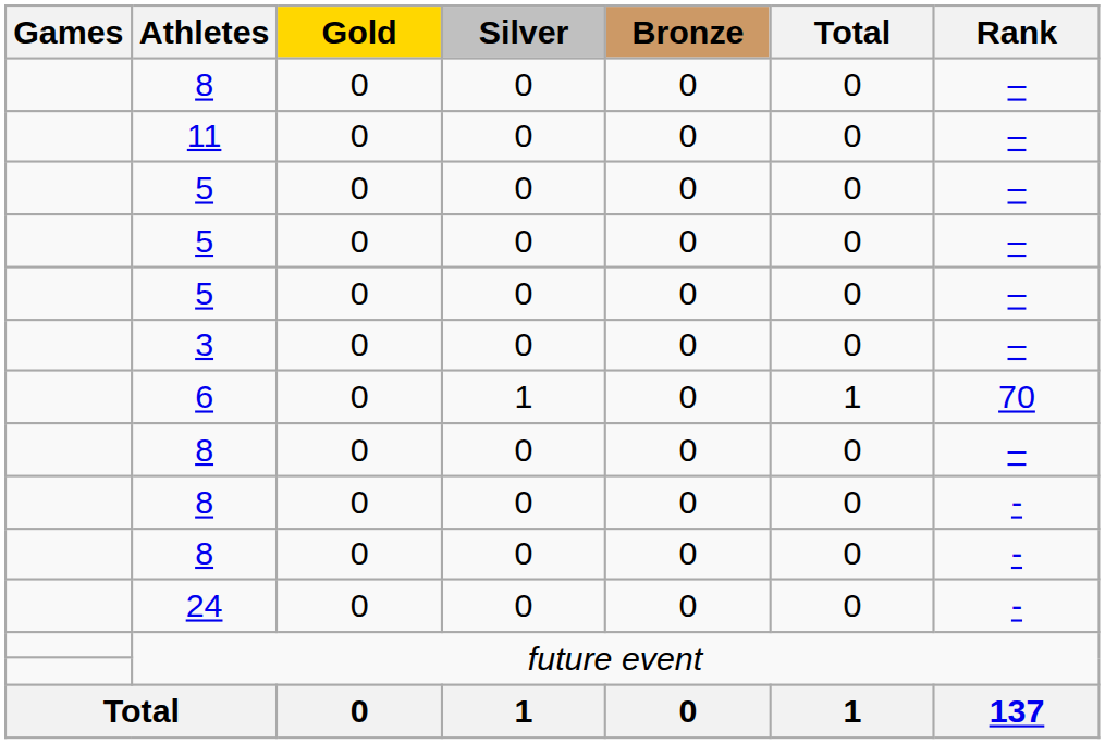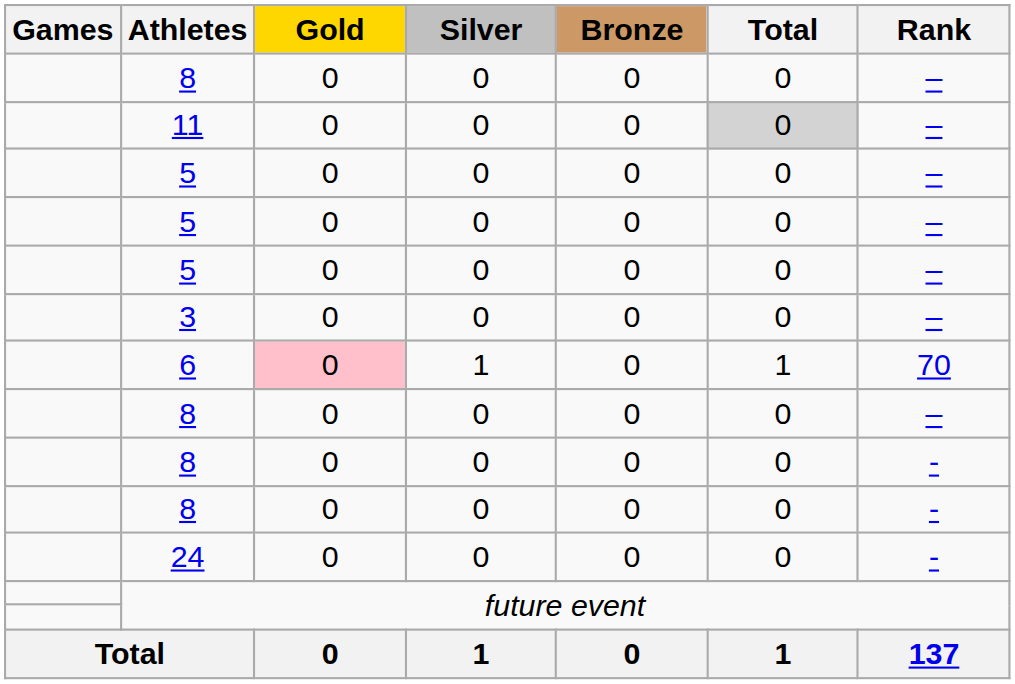 <table class="wikitable" style="text-align:center; font-size:90%;">
 <tr>
 <th>Games</th>
 <th>Athletes</th>
 <td style="background:gold; width:4.5em; font-weight:bold;">Gold</td>
 <td style="background:silver; width:4.5em; font-weight:bold;">Silver</td>
 <td style="background:#cc9966; width:4.5em; font-weight:bold;">Bronze</td>
 <th style="width:4.5em; font-weight:bold;">Total</th>
 <th style="width:4.5em; font-weight:bold;">Rank</th>
 </tr>
 <tr>
 <td align=left></td>
 <td><a href='#'>8</a></td>
 <td>0</td>
 <td>0</td>
 <td>0</td>
 <td>0</td>
 <td><a href='#'>–</a></td>
 </tr>
 <tr>
 <td align=left></td>
 <td><a href='#'>11</a></td>
 <td>0</td>
 <td>0</td>
 <td>0</td>
-<td>0</td>
+<td style="background: lightgrey;">0</td>
 <td><a href='#'>–</a></td>
 </tr>
 <tr>
 <td align=left></td>
 <td><a href='#'>5</a></td>
 <td>0</td>
 <td>0</td>
 <td>0</td>
 <td>0</td>
 <td><a href='#'>–</a></td>
 </tr>
 <tr>
 <td align=left></td>
 <td><a href='#'>5</a></td>
 <td>0</td>
 <td>0</td>
 <td>0</td>
 <td>0</td>
 <td><a href='#'>–</a></td>
 </tr>
 <tr>
 <td align=left></td>
 <td><a href='#'>5</a></td>
 <td>0</td>
 <td>0</td>
 <td>0</td>
 <td>0</td>
 <td><a href='#'>–</a></td>
 </tr>
 <tr>
 <td align=left></td>
 <td><a href='#'>3</a></td>
 <td>0</td>
 <td>0</td>
 <td>0</td>
 <td>0</td>
 <td><a href='#'>–</a></td>
 </tr>
 <tr>
 <td align=left></td>
 <td><a href='#'>6</a></td>
-<td>0</td>
+<td style="background: pink;">0</td>
 <td>1</td>
 <td>0</td>
 <td>1</td>
 <td><a href='#'>70</a></td>
 </tr>
 <tr>
 <td align=left></td>
 <td><a href='#'>8</a></td>
 <td>0</td>
 <td>0</td>
 <td>0</td>
 <td>0</td>
 <td><a href='#'>–</a></td>
 </tr>
 <tr>
 <td align=left></td>
 <td><a href='#'>8</a></td>
 <td>0</td>
 <td>0</td>
 <td>0</td>
 <td>0</td>
 <td><a href='#'>-</a></td>
 </tr>
 <tr>
 <td align=left></td>
 <td><a href='#'>8</a></td>
 <td>0</td>
 <td>0</td>
 <td>0</td>
 <td>0</td>
 <td><a href='#'>-</a></td>
 </tr>
 <tr>
 <td align=left></td>
 <td><a href='#'>24</a></td>
 <td>0</td>
 <td>0</td>
 <td>0</td>
 <td>0</td>
 <td><a href='#'>-</a></td>
 </tr>
 <tr>
 <td align=left></td>
 <td colspan=6; rowspan=2><em>future event</em></td>
 </tr>
 <tr>
 <td align=left></td>
 </tr>
 <tr>
 <th colspan=2>Total</th>
 <th>0</th>
 <th>1</th>
 <th>0</th>
 <th>1</th>
 <th><a href='#'>137</a></th>
 </tr>
 </table>
